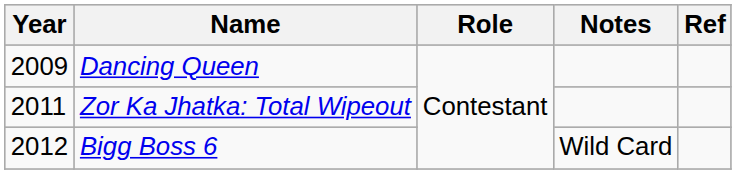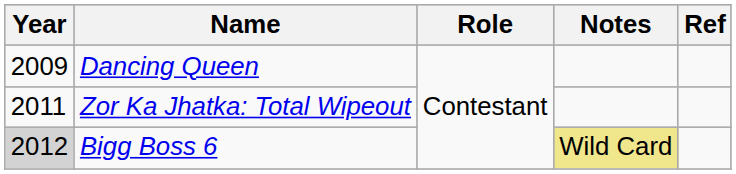 <table class="wikitable">
 <tr>
 <th>Year</th>
 <th>Name</th>
 <th>Role</th>
 <th>Notes</th>
 <th>Ref</th>
 </tr>
 <tr>
 <td>2009</td>
 <td><em><a href='#'>Dancing Queen</a></em></td>
 <td rowspan="3">Contestant</td>
 <td></td>
 <td style="text-align:center;"></td>
 </tr>
 <tr>
 <td>2011</td>
 <td><em><a href='#'>Zor Ka Jhatka: Total Wipeout</a></em></td>
 <td></td>
 <td></td>
 </tr>
 <tr>
-<td>2012</td>
+<td style="background: lightgrey;">2012</td>
 <td><em><a href='#'>Bigg Boss 6</a></em></td>
-<td>Wild Card</td>
+<td style="background: khaki;">Wild Card</td>
 <td style="text-align:center;"></td>
 </tr>
 </table>
